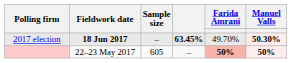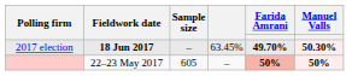 <table class="wikitable sortable" style="text-align:center;font-size:90%;line-height:14px;">
 <tr style="height:40px;">
 <th style="width:100px;" rowspan="2">Polling firm</th>
 <th style="width:110px;" rowspan="2">Fieldwork date</th>
 <th style="width:35px;" rowspan="2">Sample<br>size</th>
 <th style="width:30px;" rowspan="2"></th>
 <th class="unsortable" style="width:60px;"><a href='#'>Farida Amrani</a><br></th>
 <th class="unsortable" style="width:60px;"><a href='#'>Manuel Valls</a><br></th>
 </tr>
 <tr>
 <th style="background:"></th>
 <th style="background:"></th>
 </tr>
 <tr style="background:#E9E9E9;">
 <td><a href='#'>2017 election</a></td>
 <td data-sort-value="2017-06-18"><strong>18 Jun 2017</strong></td>
 <td>–</td>
-<td><strong>63.45%</strong></td>
-<td>49.70%</td>
+<td>63.45%</td>
+<td><strong>49.70%</strong></td>
 <td style="background:#FFEDED;"><strong>50.30%</strong></td>
 </tr>
 <tr>
 <td style="background:#FFCCCC;"></td>
 <td data-sort-value="2017-05-23">22–23 May 2017</td>
 <td>605</td>
 <td>–</td>
 <td style="background:#F8B3AB;"><strong>50%</strong></td>
 <td style="background:#FFEDED;"><strong>50%</strong></td>
 </tr>
 </table>
